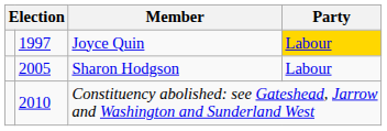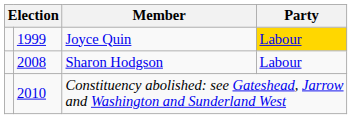 <table class="wikitable">
 <tr>
 <th colspan="2">Election</th>
 <th>Member </th>
 <th>Party</th>
 </tr>
 <tr>
 <td style="color:inherit;background-color: "></td>
-<td><a href='#'>1997</a></td>
+<td><a href='#'>1999</a></td>
 <td><a href='#'>Joyce Quin</a></td>
 <td style="background: gold;"><a href='#'>Labour</a></td>
 </tr>
 <tr>
 <td style="color:inherit;background-color: "></td>
-<td><a href='#'>2005</a></td>
+<td><a href='#'>2008</a></td>
 <td><a href='#'>Sharon Hodgson</a></td>
 <td><a href='#'>Labour</a></td>
 </tr>
 <tr>
 <td></td>
 <td><a href='#'>2010</a></td>
 <td colspan="2"><em>Constituency abolished: see <a href='#'>Gateshead</a>, <a href='#'>Jarrow</a><br>and <a href='#'>Washington and Sunderland West</a></em></td>
 </tr>
 </table>
